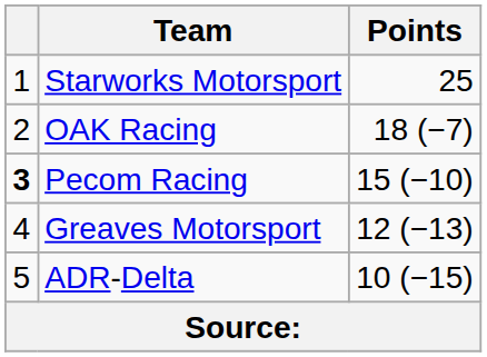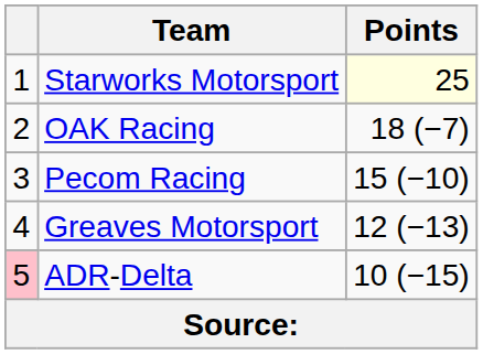 <table class="wikitable" style="font-size: 95%;">
 <tr>
 <th scope="col"></th>
 <th scope="col">Team</th>
 <th scope="col">Points</th>
 </tr>
 <tr>
 <td align=center>1</td>
 <td> <a href='#'>Starworks Motorsport</a></td>
-<td align=right>25</td>
+<td align=right style="background: lightyellow;">25</td>
 </tr>
 <tr>
 <td align=center>2</td>
 <td> <a href='#'>OAK Racing</a></td>
 <td align=right>18 (−7)</td>
 </tr>
 <tr>
-<td align=center><strong>3</strong></td>
+<td align=center>3</td>
 <td> <a href='#'>Pecom Racing</a></td>
 <td align=right>15 (−10)</td>
 </tr>
 <tr>
 <td align=center>4</td>
 <td> <a href='#'>Greaves Motorsport</a></td>
 <td align=right>12 (−13)</td>
 </tr>
 <tr>
-<td align=center>5</td>
+<td align=center style="background: pink;">5</td>
 <td> <a href='#'>ADR</a>-<a href='#'>Delta</a></td>
 <td align=right>10 (−15)</td>
 </tr>
 <tr>
 <th colspan=4>Source:</th>
 </tr>
 </table>
